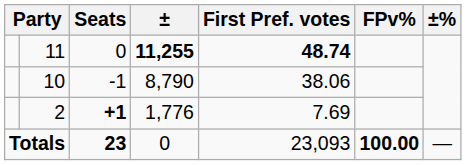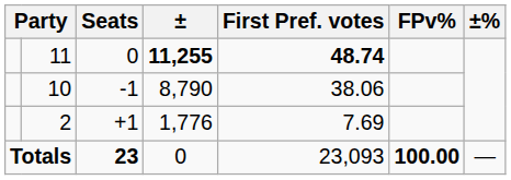 <table class=wikitable>
 <tr>
 <th colspan=2 align=center>Party</th>
 <th valign=top>Seats</th>
 <th valign=top>±</th>
 <th valign=top>First Pref. votes</th>
 <th valign=top>FPv%</th>
 <th valign=top>±%</th>
 </tr>
 <tr>
 <td></td>
 <td align=right>11</td>
 <td align=right>0</td>
 <td align=right><strong>11,255</strong></td>
 <td align=right><strong>48.74</strong></td>
 <td align=right></td>
 </tr>
 <tr>
 <td></td>
 <td align=right>10</td>
 <td align=right>-1</td>
 <td align=right>8,790</td>
 <td align=right>38.06</td>
 <td align=right></td>
 </tr>
 <tr>
 <td></td>
 <td align=right>2</td>
-<td align=right><strong>+1</strong></td>
+<td align=right>+1</td>
 <td align=right>1,776</td>
 <td align=right>7.69</td>
 <td align=right></td>
 </tr>
 <tr>
 <td colspan=2 align=center><strong>Totals</strong></td>
 <td align=right><strong>23</strong></td>
 <td align=center>0</td>
 <td align=right>23,093</td>
 <td align=center><strong>100.00</strong></td>
 <td align=center>—</td>
 </tr>
 </table>
